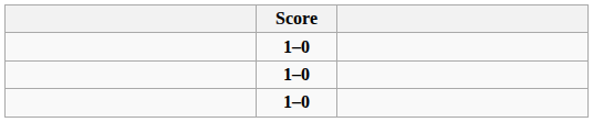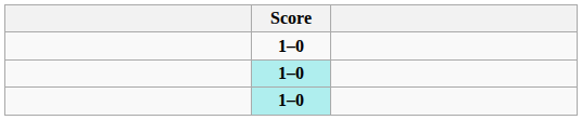 <table class="wikitable" style="text-align: center;">
 <tr>
 <th align="right" width="220"></th>
 <th width="65">Score</th>
 <th align="left" width="220"></th>
 </tr>
 <tr>
 <td align=right><strong></strong></td>
 <td align=center><strong>1–0</strong></td>
 <td align=left></td>
 </tr>
 <tr>
 <td align=right><strong></strong></td>
-<td align=center><strong>1–0</strong></td>
+<td align=center style="background: paleturquoise;"><strong>1–0</strong></td>
 <td align=left></td>
 </tr>
 <tr>
 <td align=right><strong></strong></td>
-<td align=center><strong>1–0</strong></td>
+<td align=center style="background: paleturquoise;"><strong>1–0</strong></td>
 <td align=left></td>
 </tr>
 </table>
